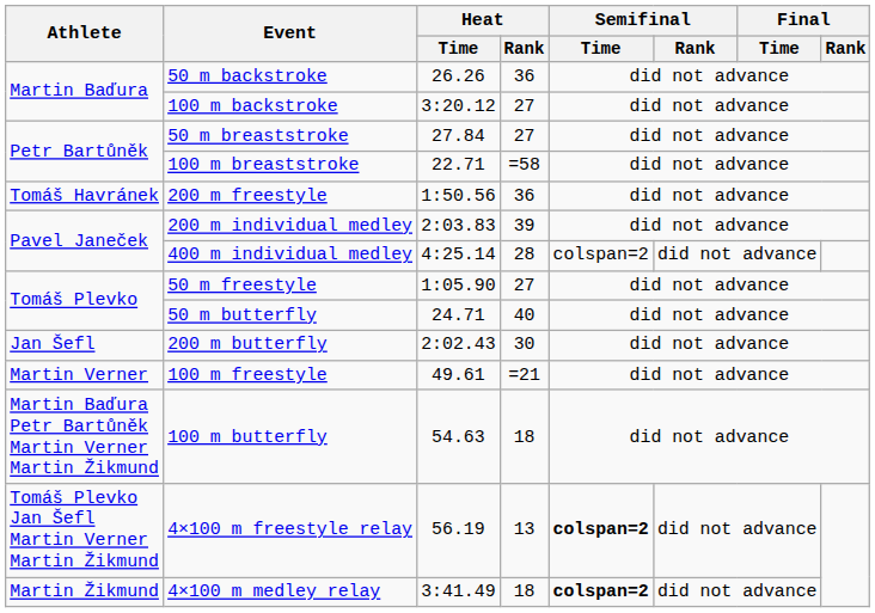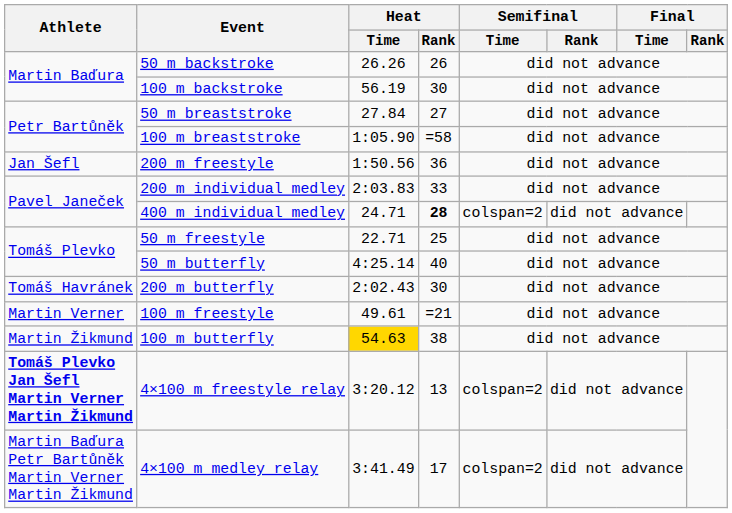 <table class=wikitable style="font-size:90%">
 <tr>
 <th rowspan="2">Athlete</th>
 <th rowspan="2">Event</th>
 <th colspan="2">Heat</th>
 <th colspan="2">Semifinal</th>
 <th colspan="2">Final</th>
 </tr>
 <tr style="font-size:95%">
 <th>Time</th>
 <th>Rank</th>
 <th>Time</th>
 <th>Rank</th>
 <th>Time</th>
 <th>Rank</th>
 </tr>
 <tr align=center>
 <td align=left rowspan=2><a href='#'>Martin Baďura</a></td>
 <td align=left><a href='#'>50 m backstroke</a></td>
 <td>26.26</td>
-<td>36</td>
+<td>26</td>
 <td colspan=4>did not advance</td>
 </tr>
 <tr align=center>
 <td align=left><a href='#'>100 m backstroke</a></td>
-<td>3:20.12</td>
-<td>27</td>
+<td>56.19</td>
+<td>30</td>
 <td colspan=4>did not advance</td>
 </tr>
 <tr align=center>
 <td align=left rowspan=2><a href='#'>Petr Bartůněk</a></td>
 <td align=left><a href='#'>50 m breaststroke</a></td>
 <td>27.84</td>
 <td>27</td>
 <td colspan=4>did not advance</td>
 </tr>
 <tr align=center>
 <td align=left><a href='#'>100 m breaststroke</a></td>
-<td>22.71</td>
+<td>1:05.90</td>
 <td>=58</td>
 <td colspan=4>did not advance</td>
 </tr>
 <tr align=center>
-<td align=left><a href='#'>Tomáš Havránek</a></td>
+<td align=left><a href='#'>Jan Šefl</a></td>
 <td align=left><a href='#'>200 m freestyle</a></td>
 <td>1:50.56</td>
 <td>36</td>
 <td colspan=4>did not advance</td>
 </tr>
 <tr align=center>
 <td align=left rowspan=2><a href='#'>Pavel Janeček</a></td>
 <td align=left><a href='#'>200 m individual medley</a></td>
 <td>2:03.83</td>
-<td>39</td>
+<td>33</td>
 <td colspan=4>did not advance</td>
 </tr>
 <tr align=center>
 <td align=left><a href='#'>400 m individual medley</a></td>
-<td>4:25.14</td>
-<td>28</td>
+<td>24.71</td>
+<td><strong>28</strong></td>
 <td>colspan=2 </td>
 <td colspan=2>did not advance</td>
 </tr>
 <tr align=center>
 <td align=left rowspan=2><a href='#'>Tomáš Plevko</a></td>
 <td align=left><a href='#'>50 m freestyle</a></td>
-<td>1:05.90</td>
-<td>27</td>
+<td>22.71</td>
+<td>25</td>
 <td colspan=4>did not advance</td>
 </tr>
 <tr align=center>
 <td align=left><a href='#'>50 m butterfly</a></td>
-<td>24.71</td>
+<td>4:25.14</td>
 <td>40</td>
 <td colspan=4>did not advance</td>
 </tr>
 <tr align=center>
-<td align=left><a href='#'>Jan Šefl</a></td>
+<td align=left><a href='#'>Tomáš Havránek</a></td>
 <td align=left><a href='#'>200 m butterfly</a></td>
 <td>2:02.43</td>
 <td>30</td>
 <td colspan=4>did not advance</td>
 </tr>
 <tr align=center>
 <td align=left><a href='#'>Martin Verner</a></td>
 <td align=left><a href='#'>100 m freestyle</a></td>
 <td>49.61</td>
 <td>=21</td>
 <td colspan=4>did not advance</td>
 </tr>
 <tr align=center>
-<td align=left><a href='#'>Martin Baďura</a><br><a href='#'>Petr Bartůněk</a><br><a href='#'>Martin Verner</a><br><a href='#'>Martin Žikmund</a></td>
+<td align=left><a href='#'>Martin Žikmund</a></td>
 <td align=left><a href='#'>100 m butterfly</a></td>
-<td>54.63</td>
-<td>18</td>
+<td style="background: gold;">54.63</td>
+<td>38</td>
 <td colspan=4>did not advance</td>
 </tr>
 <tr align=center>
-<td align=left><a href='#'>Tomáš Plevko</a><br><a href='#'>Jan Šefl</a><br><a href='#'>Martin Verner</a><br><a href='#'>Martin Žikmund</a></td>
+<td align=left><strong><a href='#'>Tomáš Plevko</a><br><a href='#'>Jan Šefl</a><br><a href='#'>Martin Verner</a><br><a href='#'>Martin Žikmund</a></strong></td>
 <td align=left><a href='#'>4×100 m freestyle relay</a></td>
-<td>56.19</td>
+<td>3:20.12</td>
 <td>13</td>
-<td><strong>colspan=2 </strong></td>
+<td>colspan=2 </td>
 <td colspan=2>did not advance</td>
 </tr>
 <tr align=center>
-<td align=left><a href='#'>Martin Žikmund</a></td>
+<td align=left><a href='#'>Martin Baďura</a><br><a href='#'>Petr Bartůněk</a><br><a href='#'>Martin Verner</a><br><a href='#'>Martin Žikmund</a></td>
 <td align=left><a href='#'>4×100 m medley relay</a></td>
 <td>3:41.49</td>
-<td>18</td>
-<td><strong>colspan=2 </strong></td>
+<td>17</td>
+<td>colspan=2 </td>
 <td colspan=2>did not advance</td>
 </tr>
 </table>
